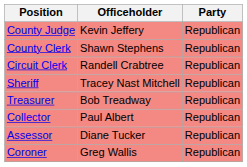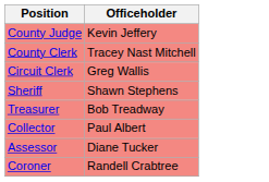 <table class="wikitable mw-collapsible">
 <tr>
 <th>Position</th>
 <th>Officeholder</th>
-<th>Party</th>
 </tr>
 <tr style="background-color: #F48882;">
 <td><a href='#'>County Judge</a></td>
 <td>Kevin Jeffery</td>
-<td>Republican</td>
 </tr>
 <tr style="background-color: #F48882;">
 <td><a href='#'>County Clerk</a></td>
-<td>Shawn Stephens</td>
-<td>Republican</td>
+<td>Tracey Nast Mitchell</td>
 </tr>
 <tr style="background-color: #F48882;">
 <td><a href='#'>Circuit Clerk</a></td>
-<td>Randell Crabtree</td>
-<td>Republican</td>
+<td>Greg Wallis</td>
 </tr>
 <tr style="background-color: #F48882;">
 <td><a href='#'>Sheriff</a></td>
-<td>Tracey Nast Mitchell</td>
-<td>Republican</td>
+<td>Shawn Stephens</td>
 </tr>
 <tr style="background-color: #F48882;">
 <td><a href='#'>Treasurer</a></td>
 <td>Bob Treadway</td>
-<td>Republican</td>
 </tr>
 <tr style="background-color: #F48882;">
 <td><a href='#'>Collector</a></td>
 <td>Paul Albert</td>
-<td>Republican</td>
 </tr>
 <tr style="background-color: #F48882;">
 <td><a href='#'>Assessor</a></td>
 <td>Diane Tucker</td>
-<td>Republican</td>
 </tr>
 <tr style="background-color: #F48882;">
 <td><a href='#'>Coroner</a></td>
-<td>Greg Wallis</td>
-<td>Republican</td>
+<td>Randell Crabtree</td>
 </tr>
 </table>
